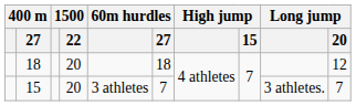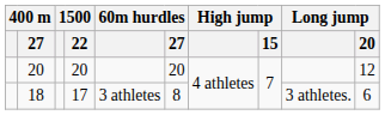 <table class="wikitable">
 <tr>
 <th colspan="2">400 m</th>
 <th colspan="2">1500</th>
 <th colspan="2">60m hurdles</th>
 <th colspan="2">High jump</th>
 <th colspan="2">Long jump</th>
 </tr>
 <tr bgcolor="#ffddff">
 <th></th>
 <th>27</th>
 <th></th>
 <th>22</th>
 <th></th>
 <th>27</th>
 <th></th>
 <th>15</th>
 <th></th>
 <th>20</th>
 </tr>
 <tr align="center">
 <td></td>
-<td>18</td>
+<td>20</td>
 <td></td>
 <td>20</td>
 <td></td>
-<td>18</td>
+<td>20</td>
 <td rowspan=2>4 athletes</td>
 <td rowspan=2>7</td>
 <td></td>
 <td>12</td>
 </tr>
 <tr align="center">
 <td></td>
-<td>15</td>
+<td>18</td>
 <td></td>
-<td>20</td>
+<td>17</td>
 <td>3 athletes </td>
-<td>7</td>
+<td>8</td>
 <td>3 athletes.</td>
-<td>7</td>
+<td>6</td>
 </tr>
 </table>
